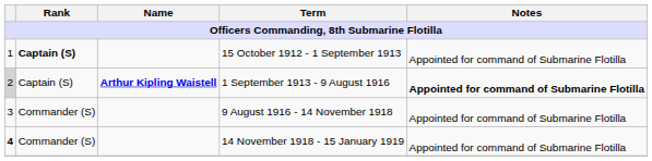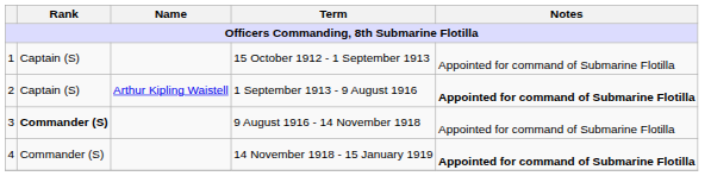 <table class="wikitable">
 <tr>
 <th></th>
 <th>Rank</th>
 <th>Name</th>
 <th>Term</th>
 <th>Notes</th>
 </tr>
 <tr>
 <td colspan="6" align="center" style="background:#dcdcfe;"><strong>Officers Commanding, 8th Submarine Flotilla</strong></td>
 </tr>
 <tr>
 <td>1</td>
-<td><strong>Captain (S)</strong></td>
+<td>Captain (S)</td>
 <td></td>
 <td>15 October 1912 - 1 September 1913</td>
 <td><br>Appointed for command of Submarine Flotilla</td>
 </tr>
 <tr>
-<td style="background: lightgrey;">2</td>
+<td>2</td>
 <td>Captain (S)</td>
-<td><strong><a href='#'>Arthur Kipling Waistell</a></strong></td>
+<td><a href='#'>Arthur Kipling Waistell</a></td>
 <td>1 September 1913 - 9 August 1916</td>
 <td><strong><br>Appointed for command of Submarine Flotilla</strong></td>
 </tr>
 <tr>
 <td>3</td>
-<td>Commander (S)</td>
+<td><strong>Commander (S)</strong></td>
 <td></td>
 <td>9 August 1916 - 14 November 1918</td>
 <td><br>Appointed for command of Submarine Flotilla</td>
 </tr>
 <tr>
-<td><strong>4</strong></td>
+<td>4</td>
 <td>Commander (S)</td>
 <td></td>
 <td>14 November 1918 - 15 January 1919</td>
-<td><br>Appointed for command of Submarine Flotilla</td>
+<td><strong><br>Appointed for command of Submarine Flotilla</strong></td>
 </tr>
 <tr>
 </tr>
 </table>
